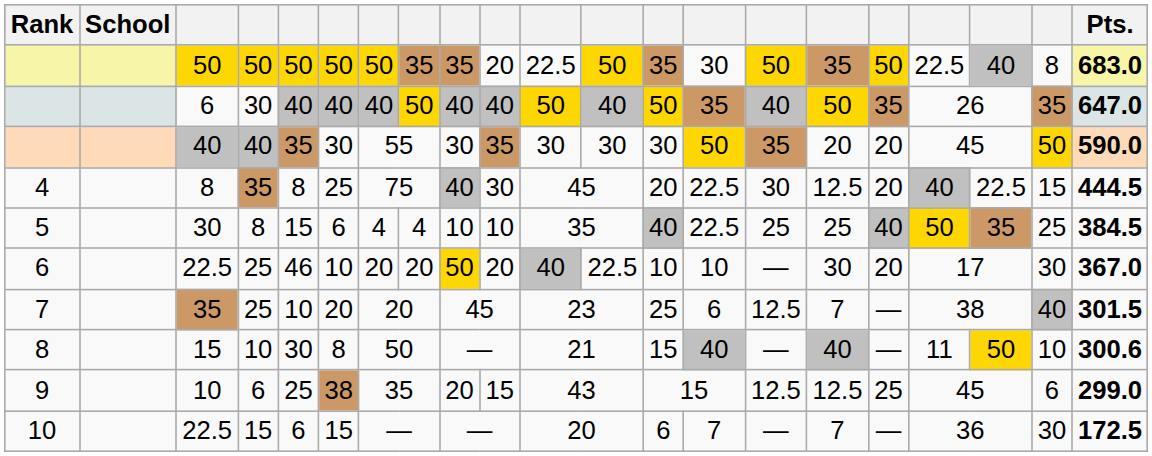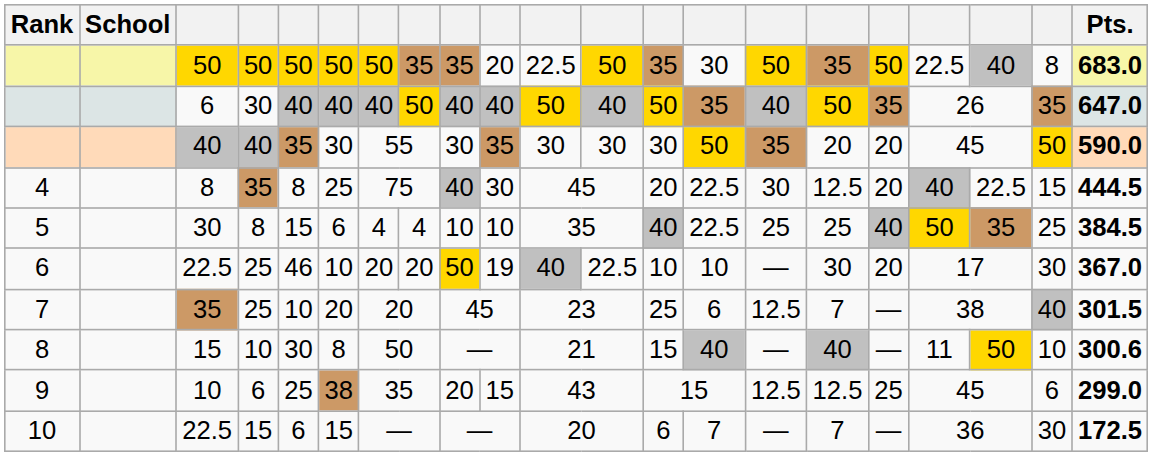 <table class=wikitable style="text-align:center;">
 <tr>
 <th>Rank</th>
 <th>School</th>
 <th></th>
 <th></th>
 <th></th>
 <th></th>
 <th></th>
 <th></th>
 <th></th>
 <th></th>
 <th></th>
 <th></th>
 <th></th>
 <th></th>
 <th></th>
 <th></th>
 <th></th>
 <th></th>
 <th></th>
 <th></th>
 <th width=40px>Pts.</th>
 </tr>
 <tr>
 <td bgcolor="#F7F6A8"></td>
 <td align=left bgcolor="#F7F6A8"></td>
 <td bgcolor=gold>50</td>
 <td bgcolor=gold>50</td>
 <td bgcolor=gold>50</td>
 <td bgcolor=gold>50</td>
 <td bgcolor=gold>50</td>
 <td bgcolor=#cc9966>35</td>
 <td bgcolor=#cc9966>35</td>
 <td>20</td>
 <td>22.5</td>
 <td bgcolor=gold>50</td>
 <td bgcolor=#cc9966>35</td>
 <td>30</td>
 <td bgcolor=gold>50</td>
 <td bgcolor=#cc9966>35</td>
 <td bgcolor=gold>50</td>
 <td>22.5</td>
 <td bgcolor=silver>40</td>
 <td>8</td>
 <td bgcolor="#F7F6A8"><strong>683.0</strong></td>
 </tr>
 <tr>
 <td bgcolor="#DCE5E5"></td>
 <td align=left bgcolor="#DCE5E5"></td>
 <td>6</td>
 <td>30</td>
 <td bgcolor=silver>40</td>
 <td bgcolor=silver>40</td>
 <td bgcolor=silver>40</td>
 <td bgcolor=gold>50</td>
 <td bgcolor=silver>40</td>
 <td bgcolor=silver>40</td>
 <td bgcolor=gold>50</td>
 <td bgcolor=silver>40</td>
 <td bgcolor=gold>50</td>
 <td bgcolor=#cc9966>35</td>
 <td bgcolor=silver>40</td>
 <td bgcolor=gold>50</td>
 <td bgcolor=#cc9966>35</td>
 <td colspan=2>26</td>
 <td bgcolor=#cc9966>35</td>
 <td bgcolor="#DCE5E5"><strong>647.0</strong></td>
 </tr>
 <tr>
 <td bgcolor="#FFDAB9"></td>
 <td align=left bgcolor="#FFDAB9"></td>
 <td bgcolor=silver>40</td>
 <td bgcolor=silver>40</td>
 <td bgcolor=#cc9966>35</td>
 <td>30</td>
 <td colspan=2>55</td>
 <td>30</td>
 <td bgcolor=#cc9966>35</td>
 <td>30</td>
 <td>30</td>
 <td>30</td>
 <td bgcolor=gold>50</td>
 <td bgcolor=#cc9966>35</td>
 <td>20</td>
 <td>20</td>
 <td colspan=2>45</td>
 <td bgcolor=gold>50</td>
 <td bgcolor="#FFDAB9"><strong>590.0</strong></td>
 </tr>
 <tr>
 <td>4</td>
 <td align=left></td>
 <td>8</td>
 <td bgcolor=#cc9966>35</td>
 <td>8</td>
 <td>25</td>
 <td colspan=2>75</td>
 <td bgcolor=silver>40</td>
 <td>30</td>
 <td colspan=2>45</td>
 <td>20</td>
 <td>22.5</td>
 <td>30</td>
 <td>12.5</td>
 <td>20</td>
 <td bgcolor=silver>40</td>
 <td>22.5</td>
 <td>15</td>
 <td><strong>444.5</strong></td>
 </tr>
 <tr>
 <td>5</td>
 <td align=left></td>
 <td>30</td>
 <td>8</td>
 <td>15</td>
 <td>6</td>
 <td>4</td>
 <td>4</td>
 <td>10</td>
 <td>10</td>
 <td colspan=2>35</td>
 <td bgcolor=silver>40</td>
 <td>22.5</td>
 <td>25</td>
 <td>25</td>
 <td bgcolor=silver>40</td>
 <td bgcolor=gold>50</td>
 <td bgcolor=#cc9966>35</td>
 <td>25</td>
 <td><strong>384.5</strong></td>
 </tr>
 <tr>
 <td>6</td>
 <td align=left></td>
 <td>22.5</td>
 <td>25</td>
 <td>46</td>
 <td>10</td>
 <td>20</td>
 <td>20</td>
 <td bgcolor=gold>50</td>
-<td>20</td>
+<td>19</td>
 <td bgcolor=silver>40</td>
 <td>22.5</td>
 <td>10</td>
 <td>10</td>
 <td>—</td>
 <td>30</td>
 <td>20</td>
 <td colspan=2>17</td>
 <td>30</td>
 <td><strong>367.0</strong></td>
 </tr>
 <tr>
 <td>7</td>
 <td align=left></td>
 <td bgcolor=#cc9966>35</td>
 <td>25</td>
 <td>10</td>
 <td>20</td>
 <td colspan=2>20</td>
 <td colspan=2>45</td>
 <td colspan=2>23</td>
 <td>25</td>
 <td>6</td>
 <td>12.5</td>
 <td>7</td>
 <td>—</td>
 <td colspan=2>38</td>
 <td bgcolor=silver>40</td>
 <td><strong>301.5</strong></td>
 </tr>
 <tr>
 <td>8</td>
 <td align=left></td>
 <td>15</td>
 <td>10</td>
 <td>30</td>
 <td>8</td>
 <td colspan=2>50</td>
 <td colspan=2>—</td>
 <td colspan=2>21</td>
 <td>15</td>
 <td bgcolor=silver>40</td>
 <td>—</td>
 <td bgcolor=silver>40</td>
 <td>—</td>
 <td>11</td>
 <td bgcolor=gold>50</td>
 <td>10</td>
 <td><strong>300.6</strong></td>
 </tr>
 <tr>
 <td>9</td>
 <td align=left></td>
 <td>10</td>
 <td>6</td>
 <td>25</td>
 <td bgcolor=#cc9966>38</td>
 <td colspan=2>35</td>
 <td>20</td>
 <td>15</td>
 <td colspan=2>43</td>
 <td colspan=2>15</td>
 <td>12.5</td>
 <td>12.5</td>
 <td>25</td>
 <td colspan=2>45</td>
 <td>6</td>
 <td><strong>299.0</strong></td>
 </tr>
 <tr>
 <td>10</td>
 <td align=left></td>
 <td>22.5</td>
 <td>15</td>
 <td>6</td>
 <td>15</td>
 <td colspan=2>—</td>
 <td colspan=2>—</td>
 <td colspan=2>20</td>
 <td>6</td>
 <td>7</td>
 <td>—</td>
 <td>7</td>
 <td>—</td>
 <td colspan=2>36</td>
 <td>30</td>
 <td><strong>172.5</strong></td>
 </tr>
 </table>
